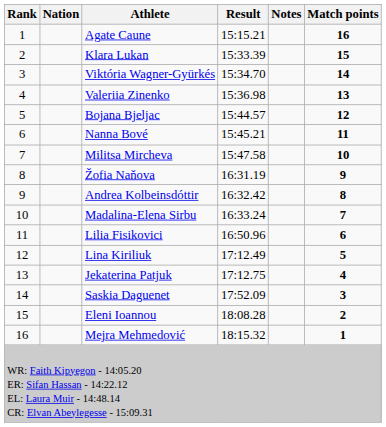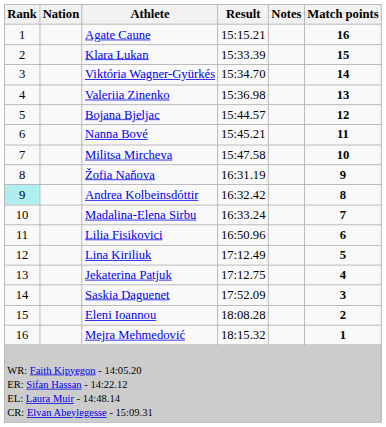 <table class="wikitable sortable" style="text-align:left;">
 <tr>
 <th>Rank</th>
 <th>Nation</th>
 <th>Athlete</th>
 <th>Result</th>
 <th>Notes</th>
 <th>Match points</th>
 </tr>
 <tr>
 <td align=center>1</td>
 <td></td>
 <td><a href='#'>Agate Caune</a></td>
 <td align=center>15:15.21</td>
 <td></td>
 <td align=center><strong>16</strong></td>
 </tr>
 <tr>
 <td align=center>2</td>
 <td></td>
 <td><a href='#'>Klara Lukan</a></td>
 <td align=center>15:33.39</td>
 <td></td>
 <td align=center><strong>15</strong></td>
 </tr>
 <tr>
 <td align=center>3</td>
 <td></td>
 <td><a href='#'>Viktória Wagner-Gyürkés</a></td>
 <td align=center>15:34.70</td>
 <td></td>
 <td align=center><strong>14</strong></td>
 </tr>
 <tr>
 <td align=center>4</td>
 <td></td>
 <td><a href='#'>Valeriia Zinenko</a></td>
 <td align=center>15:36.98</td>
 <td align=center></td>
 <td align=center><strong>13</strong></td>
 </tr>
 <tr>
 <td align=center>5</td>
 <td></td>
 <td><a href='#'>Bojana Bjeljac</a></td>
 <td align=center>15:44.57</td>
 <td></td>
 <td align=center><strong>12</strong></td>
 </tr>
 <tr>
 <td align=center>6</td>
 <td></td>
 <td><a href='#'>Nanna Bové</a></td>
 <td align=center>15:45.21</td>
 <td></td>
 <td align=center><strong>11</strong></td>
 </tr>
 <tr>
 <td align=center>7</td>
 <td></td>
 <td><a href='#'>Militsa Mircheva</a></td>
 <td align=center>15:47.58</td>
 <td align=center></td>
 <td align=center><strong>10</strong></td>
 </tr>
 <tr>
 <td align=center>8</td>
 <td></td>
 <td><a href='#'>Žofia Naňova</a></td>
 <td align=center>16:31.19</td>
 <td align=center></td>
 <td align=center><strong>9</strong></td>
 </tr>
 <tr>
-<td align=center>9</td>
+<td align=center style="background: paleturquoise;">9</td>
 <td></td>
 <td><a href='#'>Andrea Kolbeinsdóttir</a></td>
 <td align=center>16:32.42</td>
 <td align=center></td>
 <td align=center><strong>8</strong></td>
 </tr>
 <tr>
 <td align=center>10</td>
 <td></td>
 <td><a href='#'>Madalina-Elena Sirbu</a></td>
 <td align=center>16:33.24</td>
 <td align=center></td>
 <td align=center><strong>7</strong></td>
 </tr>
 <tr>
 <td align=center>11</td>
 <td></td>
 <td><a href='#'>Lilia Fisikovici</a></td>
 <td align=center>16:50.96</td>
 <td align=center></td>
 <td align=center><strong>6</strong></td>
 </tr>
 <tr>
 <td align=center>12</td>
 <td></td>
 <td><a href='#'>Lina Kiriliuk</a></td>
 <td align=center>17:12.49</td>
 <td align=center></td>
 <td align=center><strong>5</strong></td>
 </tr>
 <tr>
 <td align=center>13</td>
 <td></td>
 <td><a href='#'>Jekaterina Patjuk</a></td>
 <td align=center>17:12.75</td>
 <td align=center></td>
 <td align=center><strong>4</strong></td>
 </tr>
 <tr>
 <td align=center>14</td>
 <td></td>
 <td><a href='#'>Saskia Daguenet</a></td>
 <td align=center>17:52.09</td>
 <td align=center></td>
 <td align=center><strong>3</strong></td>
 </tr>
 <tr>
 <td align=center>15</td>
 <td></td>
 <td><a href='#'>Eleni Ioannou</a></td>
 <td align=center>18:08.28</td>
 <td align=center></td>
 <td align=center><strong>2</strong></td>
 </tr>
 <tr>
 <td align=center>16</td>
 <td></td>
 <td><a href='#'>Mejra Mehmedović</a></td>
 <td align=center>18:15.32</td>
 <td align=center></td>
 <td align=center><strong>1</strong></td>
 </tr>
 <tr>
 <td colspan="6" bgcolor="#cccccc"><br> <small>WR:   <a href='#'>Faith Kipyegon</a> - 14:05.20<br>ER:  <a href='#'>Sifan Hassan</a> - 14:22.12<br></small> <small>EL:   <a href='#'>Laura Muir</a> - 14:48.14<br>CR:  <a href='#'>Elvan Abeylegesse</a> - 15:09.31</small></td>
 </tr>
 </table>
